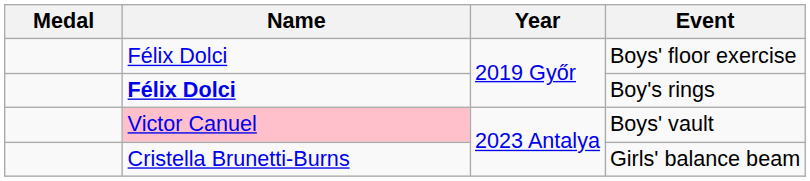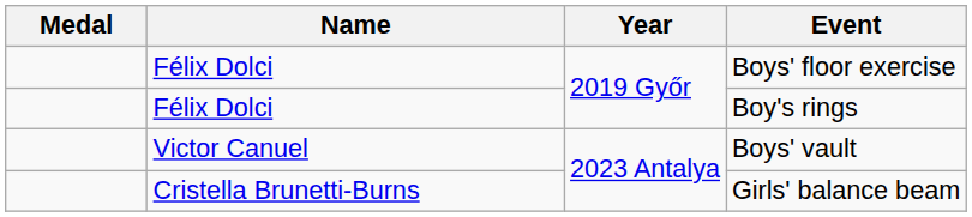 <table class="wikitable sortable">
 <tr>
 <th style="width:5em;">Medal</th>
 <th width=250>Name</th>
 <th>Year</th>
 <th>Event</th>
 </tr>
 <tr>
 <td></td>
 <td><a href='#'>Félix Dolci</a></td>
 <td rowspan="2"> <a href='#'>2019 Győr</a></td>
 <td>Boys' floor exercise</td>
 </tr>
 <tr>
 <td></td>
-<td><strong><a href='#'>Félix Dolci</a></strong></td>
+<td><a href='#'>Félix Dolci</a></td>
 <td>Boy's rings</td>
 </tr>
 <tr>
 <td></td>
-<td style="background: pink;"><a href='#'>Victor Canuel</a></td>
+<td><a href='#'>Victor Canuel</a></td>
 <td rowspan="2"> <a href='#'>2023 Antalya</a></td>
 <td>Boys' vault</td>
 </tr>
 <tr>
 <td></td>
 <td><a href='#'>Cristella Brunetti-Burns</a></td>
 <td>Girls' balance beam</td>
 </tr>
 </table>
